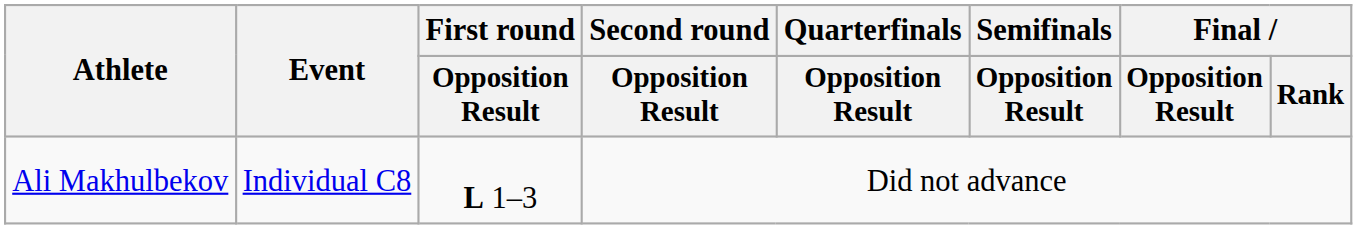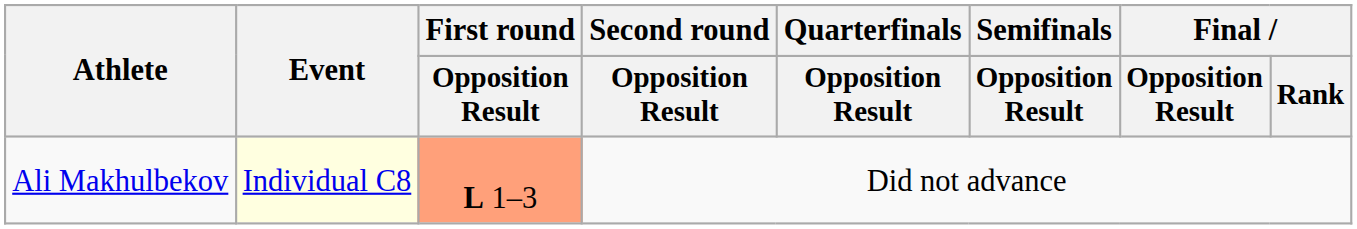 <table class="wikitable" style="font-size:90%;">
 <tr>
 <th rowspan=2>Athlete</th>
 <th rowspan=2>Event</th>
 <th>First round</th>
 <th>Second round</th>
 <th>Quarterfinals</th>
 <th>Semifinals</th>
 <th colspan=2>Final / </th>
 </tr>
 <tr style="font-size:95%">
 <th>Opposition<br>Result</th>
 <th>Opposition<br>Result</th>
 <th>Opposition<br>Result</th>
 <th>Opposition<br>Result</th>
 <th>Opposition<br>Result</th>
 <th>Rank</th>
 </tr>
 <tr align=center>
 <td align=left><a href='#'>Ali Makhulbekov</a></td>
-<td align=left><a href='#'>Individual C8</a></td>
-<td><br> <strong>L</strong> 1–3</td>
+<td align=left style="background: lightyellow;"><a href='#'>Individual C8</a></td>
+<td style="background: lightsalmon;"><br> <strong>L</strong> 1–3</td>
 <td colspan=5>Did not advance</td>
 </tr>
 </table>
